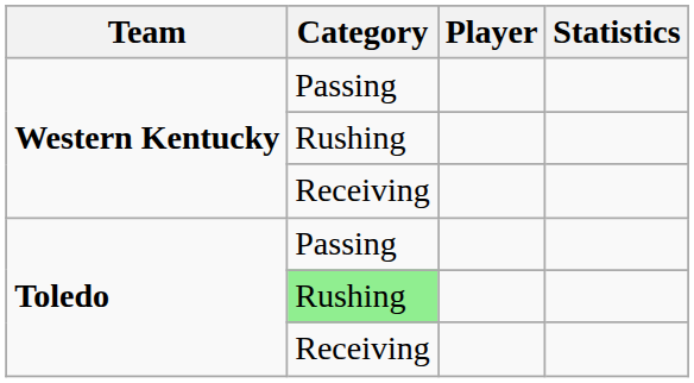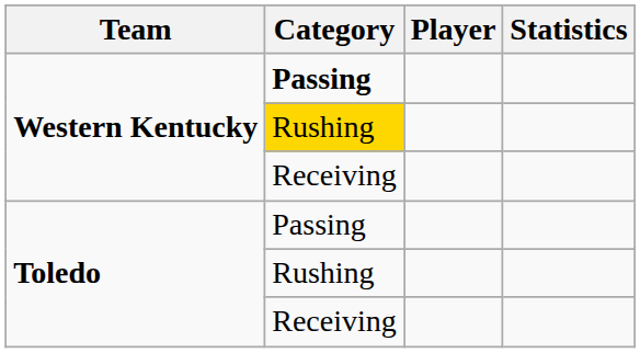 <table class="wikitable" style="float: right;">
 <tr>
 <th>Team</th>
 <th>Category</th>
 <th>Player</th>
 <th>Statistics</th>
 </tr>
 <tr>
 <td rowspan=3><strong>Western Kentucky</strong></td>
-<td>Passing</td>
+<td><strong>Passing</strong></td>
 <td></td>
 <td></td>
 </tr>
 <tr>
-<td>Rushing</td>
+<td style="background: gold;">Rushing</td>
 <td></td>
 <td></td>
 </tr>
 <tr>
 <td>Receiving</td>
 <td></td>
 <td></td>
 </tr>
 <tr>
 <td rowspan=3><strong>Toledo</strong></td>
 <td>Passing</td>
 <td></td>
 <td></td>
 </tr>
 <tr>
-<td style="background: lightgreen;">Rushing</td>
+<td>Rushing</td>
 <td></td>
 <td></td>
 </tr>
 <tr>
 <td>Receiving</td>
 <td></td>
 <td></td>
 </tr>
 </table>
